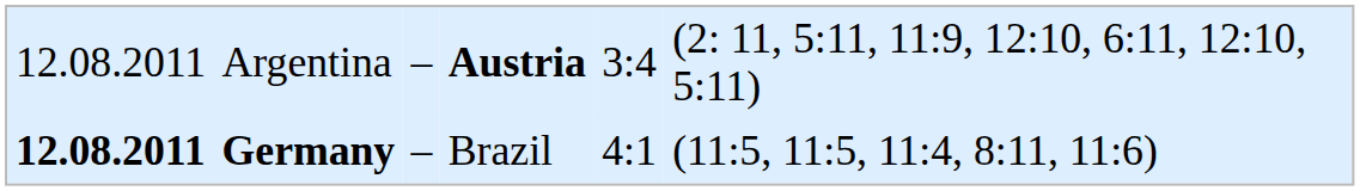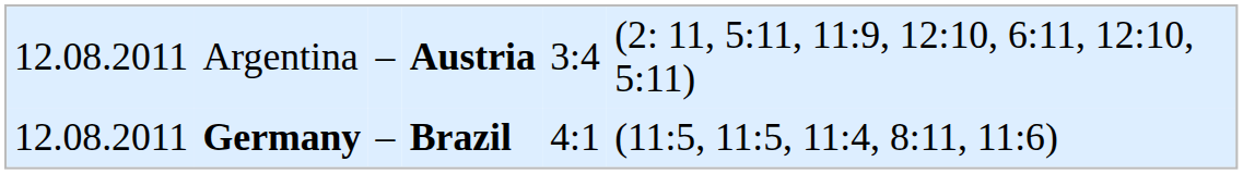 <table style="background:#; border:1px #bbb solid;" cellpadding="3" cellspacing="0" width="40%">
 <tr style="background:#DDEEFF;">
 <td>12.08.2011</td>
 <td>Argentina</td>
 <td>–</td>
 <td><strong>Austria</strong></td>
 <td>3:4</td>
 <td>(2: 11, 5:11, 11:9, 12:10, 6:11, 12:10, 5:11)</td>
 </tr>
 <tr style="background:#DDEEFF;">
-<td><strong>12.08.2011</strong></td>
+<td>12.08.2011</td>
 <td><strong>Germany</strong></td>
 <td>–</td>
-<td>Brazil</td>
+<td><strong>Brazil</strong></td>
 <td>4:1</td>
 <td>(11:5, 11:5, 11:4, 8:11, 11:6)</td>
 </tr>
 </table>
